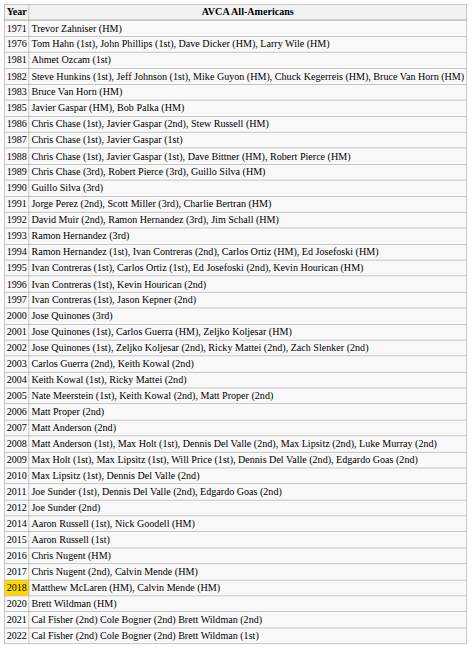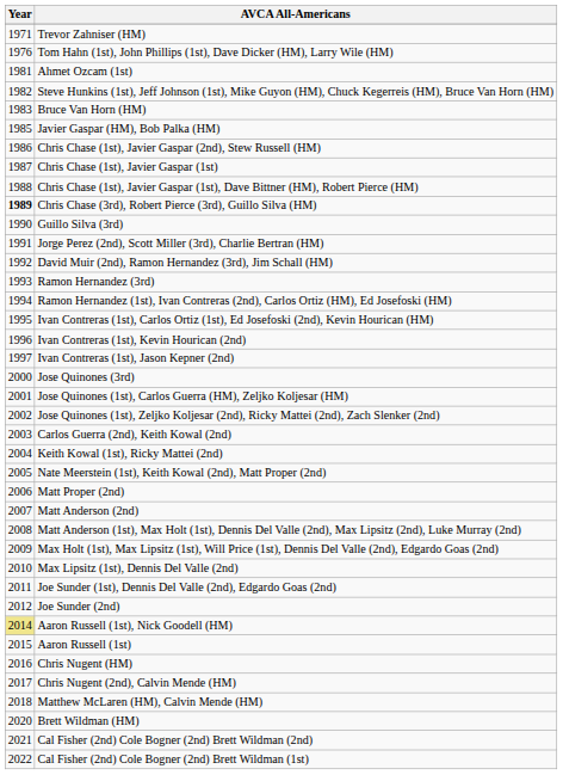 <table class="wikitable">
 <tr>
 <th>Year</th>
 <th>AVCA All-Americans</th>
 </tr>
 <tr>
 </tr>
 <tr>
 <td>1971</td>
 <td>Trevor Zahniser (HM)</td>
 </tr>
 <tr>
 <td>1976</td>
 <td>Tom Hahn (1st), John Phillips (1st), Dave Dicker (HM), Larry Wile (HM)</td>
 </tr>
 <tr>
 <td>1981</td>
 <td>Ahmet Ozcam (1st)</td>
 </tr>
 <tr>
 <td>1982</td>
 <td>Steve Hunkins (1st), Jeff Johnson (1st), Mike Guyon (HM), Chuck Kegerreis (HM), Bruce Van Horn (HM)</td>
 </tr>
 <tr>
 <td>1983</td>
 <td>Bruce Van Horn (HM)</td>
 </tr>
 <tr>
 <td>1985</td>
 <td>Javier Gaspar (HM), Bob Palka (HM)</td>
 </tr>
 <tr>
 <td>1986</td>
 <td>Chris Chase (1st), Javier Gaspar (2nd), Stew Russell (HM)</td>
 </tr>
 <tr>
 <td>1987</td>
 <td>Chris Chase (1st), Javier Gaspar (1st)</td>
 </tr>
 <tr>
 <td>1988</td>
 <td>Chris Chase (1st), Javier Gaspar (1st), Dave Bittner (HM), Robert Pierce (HM)</td>
 </tr>
 <tr>
-<td>1989</td>
+<td><strong>1989</strong></td>
 <td>Chris Chase (3rd), Robert Pierce (3rd), Guillo Silva (HM)</td>
 </tr>
 <tr>
 <td>1990</td>
 <td>Guillo Silva (3rd)</td>
 </tr>
 <tr>
 <td>1991</td>
 <td>Jorge Perez (2nd), Scott Miller (3rd), Charlie Bertran (HM)</td>
 </tr>
 <tr>
 <td>1992</td>
 <td>David Muir (2nd), Ramon Hernandez (3rd), Jim Schall (HM)</td>
 </tr>
 <tr>
 <td>1993</td>
 <td>Ramon Hernandez (3rd)</td>
 </tr>
 <tr>
 <td>1994</td>
 <td>Ramon Hernandez (1st), Ivan Contreras (2nd), Carlos Ortiz (HM), Ed Josefoski (HM)</td>
 </tr>
 <tr>
 <td>1995</td>
 <td>Ivan Contreras (1st), Carlos Ortiz (1st), Ed Josefoski (2nd), Kevin Hourican (HM)</td>
 </tr>
 <tr>
 <td>1996</td>
 <td>Ivan Contreras (1st), Kevin Hourican (2nd)</td>
 </tr>
 <tr>
 <td>1997</td>
 <td>Ivan Contreras (1st), Jason Kepner (2nd)</td>
 </tr>
 <tr>
 <td>2000</td>
 <td>Jose Quinones (3rd)</td>
 </tr>
 <tr>
 <td>2001</td>
 <td>Jose Quinones (1st), Carlos Guerra (HM), Zeljko Koljesar (HM)</td>
 </tr>
 <tr>
 <td>2002</td>
 <td>Jose Quinones (1st), Zeljko Koljesar (2nd), Ricky Mattei (2nd), Zach Slenker (2nd)</td>
 </tr>
 <tr>
 <td>2003</td>
 <td>Carlos Guerra (2nd), Keith Kowal (2nd)</td>
 </tr>
 <tr>
 <td>2004</td>
 <td>Keith Kowal (1st), Ricky Mattei (2nd)</td>
 </tr>
 <tr>
 <td>2005</td>
 <td>Nate Meerstein (1st), Keith Kowal (2nd), Matt Proper (2nd)</td>
 </tr>
 <tr>
 <td>2006</td>
 <td>Matt Proper (2nd)</td>
 </tr>
 <tr>
 <td>2007</td>
 <td>Matt Anderson (2nd)</td>
 </tr>
 <tr>
 <td>2008</td>
 <td>Matt Anderson (1st), Max Holt (1st), Dennis Del Valle (2nd), Max Lipsitz (2nd), Luke Murray (2nd)</td>
 </tr>
 <tr>
 <td>2009</td>
 <td>Max Holt (1st), Max Lipsitz (1st), Will Price (1st), Dennis Del Valle (2nd), Edgardo Goas (2nd)</td>
 </tr>
 <tr>
 <td>2010</td>
 <td>Max Lipsitz (1st), Dennis Del Valle (2nd)</td>
 </tr>
 <tr>
 <td>2011</td>
 <td>Joe Sunder (1st), Dennis Del Valle (2nd), Edgardo Goas (2nd)</td>
 </tr>
 <tr>
 <td>2012</td>
 <td>Joe Sunder (2nd)</td>
 </tr>
 <tr>
-<td>2014</td>
+<td style="background: khaki;">2014</td>
 <td>Aaron Russell (1st), Nick Goodell (HM)</td>
 </tr>
 <tr>
 <td>2015</td>
 <td>Aaron Russell (1st)</td>
 </tr>
 <tr>
 <td>2016</td>
 <td>Chris Nugent (HM)</td>
 </tr>
 <tr>
 <td>2017</td>
 <td>Chris Nugent (2nd), Calvin Mende (HM)</td>
 </tr>
 <tr>
-<td style="background: gold;">2018</td>
+<td>2018</td>
 <td>Matthew McLaren (HM), Calvin Mende (HM)</td>
 </tr>
 <tr>
 <td>2020</td>
 <td>Brett Wildman (HM)</td>
 </tr>
 <tr>
 <td>2021</td>
 <td>Cal Fisher (2nd) Cole Bogner (2nd) Brett Wildman (2nd)</td>
 </tr>
 <tr>
 <td>2022</td>
 <td>Cal Fisher (2nd) Cole Bogner (2nd) Brett Wildman (1st)</td>
 </tr>
 </table>
